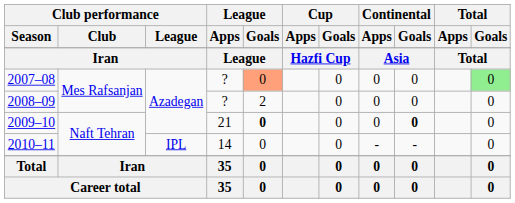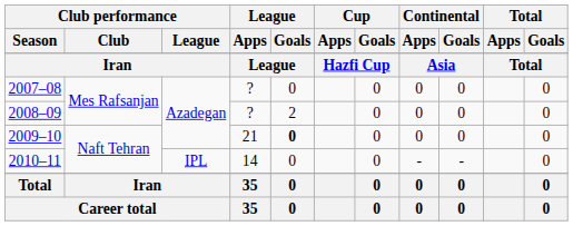 <table class="wikitable" style="text-align:center">
 <tr>
 <th colspan=3>Club performance</th>
 <th colspan=2>League</th>
 <th colspan=2>Cup</th>
 <th colspan=2>Continental</th>
 <th colspan=2>Total</th>
 </tr>
 <tr>
 <th>Season</th>
 <th>Club</th>
 <th>League</th>
 <th>Apps</th>
 <th>Goals</th>
 <th>Apps</th>
 <th>Goals</th>
 <th>Apps</th>
 <th>Goals</th>
 <th>Apps</th>
 <th>Goals</th>
 </tr>
 <tr>
 </tr>
 <tr>
 <th colspan=3>Iran</th>
 <th colspan=2>League</th>
 <th colspan=2><a href='#'>Hazfi Cup</a></th>
 <th colspan=2><a href='#'>Asia</a></th>
 <th colspan=2>Total</th>
 </tr>
 <tr>
 <td><a href='#'>2007–08</a></td>
 <td rowspan="2"><a href='#'>Mes Rafsanjan</a></td>
 <td rowspan="3"><a href='#'>Azadegan</a></td>
 <td>?</td>
-<td style="background: lightsalmon;">0</td>
+<td>0</td>
 <td></td>
 <td>0</td>
 <td>0</td>
 <td>0</td>
 <td></td>
-<td style="background: lightgreen;">0</td>
+<td>0</td>
 </tr>
 <tr>
 <td><a href='#'>2008–09</a></td>
 <td>?</td>
 <td>2</td>
 <td></td>
 <td>0</td>
 <td>0</td>
 <td>0</td>
 <td></td>
 <td>0</td>
 </tr>
 <tr>
 <td><a href='#'>2009–10</a></td>
 <td rowspan="2"><a href='#'>Naft Tehran</a></td>
 <td>21</td>
 <td><strong>0</strong></td>
 <td></td>
 <td>0</td>
 <td>0</td>
-<td><strong>0</strong></td>
+<td>0</td>
 <td></td>
 <td>0</td>
 </tr>
 <tr>
 <td><a href='#'>2010–11</a></td>
 <td rowspan="1"><a href='#'>IPL</a></td>
 <td>14</td>
 <td>0</td>
 <td></td>
 <td>0</td>
 <td>-</td>
 <td>-</td>
 <td></td>
 <td>0</td>
 </tr>
 <tr>
 </tr>
 <tr>
 <th rowspan=1>Total</th>
 <th colspan=2>Iran</th>
 <th>35</th>
 <th>0</th>
 <th></th>
 <th>0</th>
 <th>0</th>
 <th>0</th>
 <th></th>
 <th>0</th>
 </tr>
 <tr>
 <th colspan=3>Career total</th>
 <th>35</th>
 <th>0</th>
 <th></th>
 <th>0</th>
 <th>0</th>
 <th>0</th>
 <th></th>
 <th>0</th>
 </tr>
 </table>
